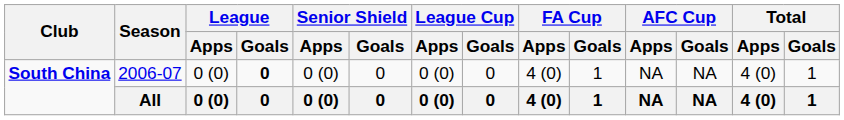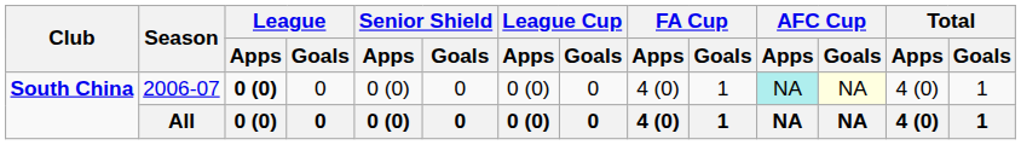 <table class="wikitable" style="text-align: center;">
 <tr>
 <th rowspan="2">Club</th>
 <th rowspan="2">Season</th>
 <th colspan="2"><a href='#'>League</a></th>
 <th colspan="2"><a href='#'>Senior Shield</a></th>
 <th colspan="2"><a href='#'>League Cup</a></th>
 <th colspan="2"><a href='#'>FA Cup</a></th>
 <th colspan="2"><a href='#'>AFC Cup</a></th>
 <th colspan="2">Total</th>
 </tr>
 <tr>
 <th>Apps</th>
 <th>Goals</th>
 <th>Apps</th>
 <th>Goals</th>
 <th>Apps</th>
 <th>Goals</th>
 <th>Apps</th>
 <th>Goals</th>
 <th>Apps</th>
 <th>Goals</th>
 <th>Apps</th>
 <th>Goals</th>
 </tr>
 <tr>
 <td rowspan="2" valign="top"><strong><a href='#'>South China</a></strong></td>
 <td><a href='#'>2006-07</a></td>
-<td>0 (0)</td>
-<td><strong>0</strong></td>
+<td><strong>0 (0)</strong></td>
+<td>0</td>
 <td>0 (0)</td>
 <td>0</td>
 <td>0 (0)</td>
 <td>0</td>
 <td>4 (0)</td>
 <td>1</td>
-<td>NA</td>
-<td>NA</td>
+<td style="background: paleturquoise;">NA</td>
+<td style="background: lightyellow;">NA</td>
 <td>4 (0)</td>
 <td>1</td>
 </tr>
 <tr>
 <th>All</th>
 <th>0 (0)</th>
 <th>0</th>
 <th>0 (0)</th>
 <th>0</th>
 <th>0 (0)</th>
 <th>0</th>
 <th>4 (0)</th>
 <th>1</th>
 <th>NA</th>
 <th>NA</th>
 <th>4 (0)</th>
 <th>1</th>
 </tr>
 </table>
